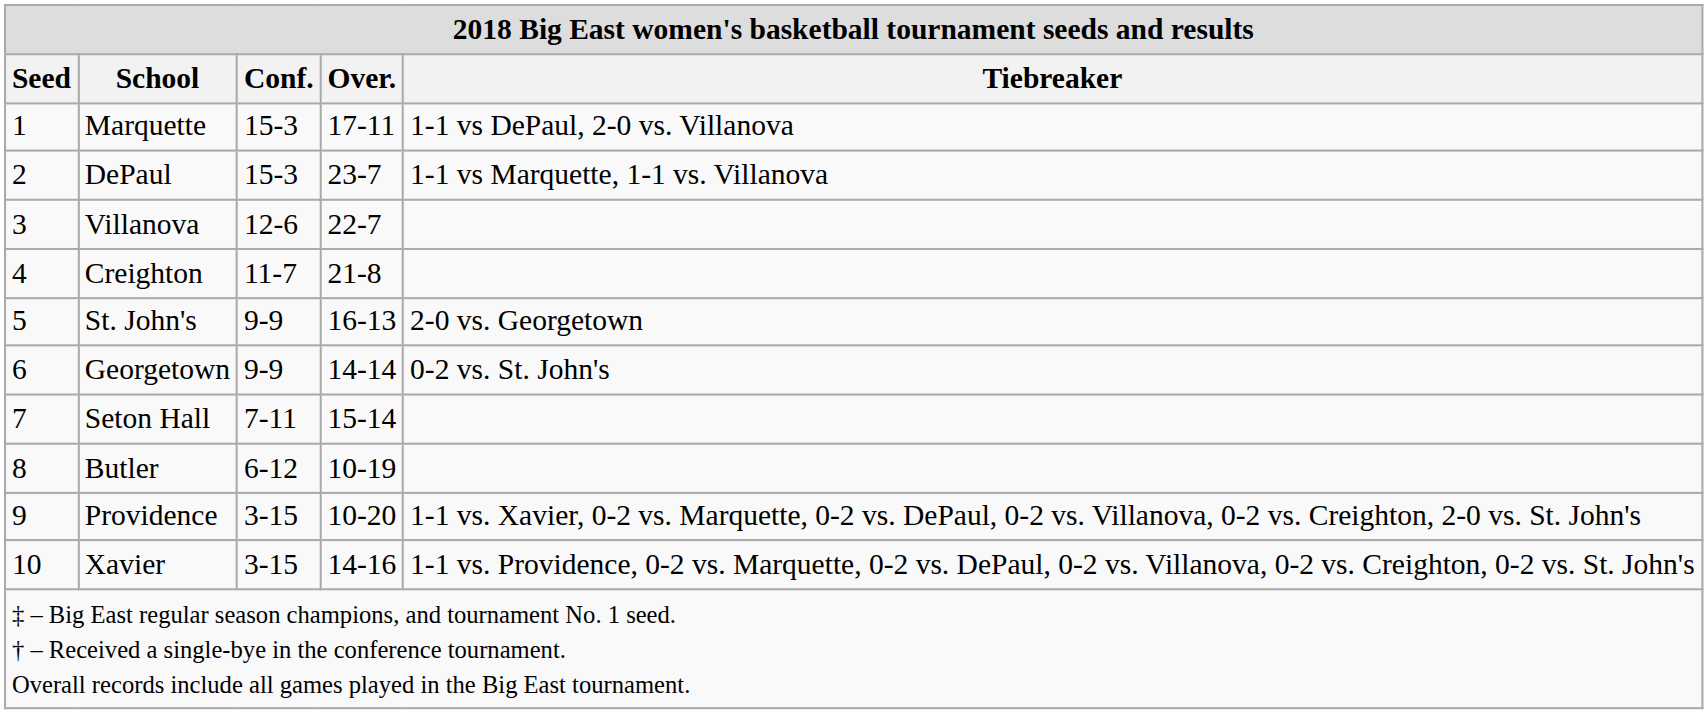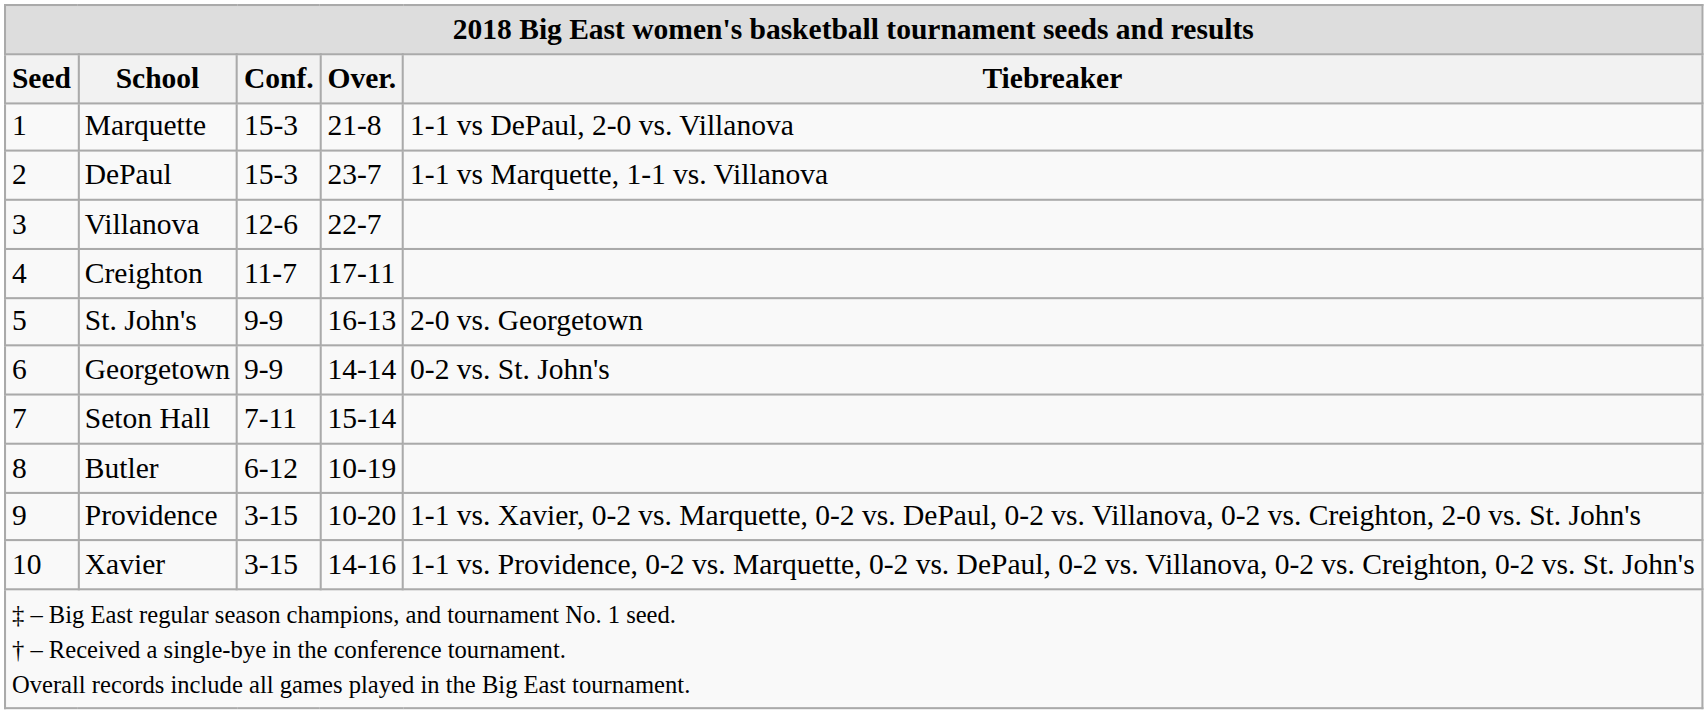 <table class="wikitable" style="white-space:nowrap; font-size:90%;">
 <tr>
 <td colspan="10" style="text-align:center; background:#DDDDDD; font:#000000"><strong>2018 Big East women's basketball tournament seeds and results</strong></td>
 </tr>
 <tr bgcolor="#efefef">
 <th>Seed</th>
 <th>School</th>
 <th>Conf.</th>
 <th>Over.</th>
 <th>Tiebreaker</th>
 </tr>
 <tr>
 <td>1</td>
 <td>Marquette</td>
 <td>15-3</td>
-<td>17-11</td>
+<td>21-8</td>
 <td>1-1 vs DePaul, 2-0 vs. Villanova</td>
 </tr>
 <tr>
 <td>2</td>
 <td>DePaul</td>
 <td>15-3</td>
 <td>23-7</td>
 <td>1-1 vs Marquette, 1-1 vs. Villanova</td>
 </tr>
 <tr>
 <td>3</td>
 <td>Villanova</td>
 <td>12-6</td>
 <td>22-7</td>
 <td></td>
 </tr>
 <tr>
 <td>4</td>
 <td>Creighton</td>
 <td>11-7</td>
-<td>21-8</td>
+<td>17-11</td>
 <td></td>
 </tr>
 <tr>
 <td>5</td>
 <td>St. John's</td>
 <td>9-9</td>
 <td>16-13</td>
 <td>2-0 vs. Georgetown</td>
 </tr>
 <tr>
 <td>6</td>
 <td>Georgetown</td>
 <td>9-9</td>
 <td>14-14</td>
 <td>0-2 vs. St. John's</td>
 </tr>
 <tr>
 <td>7</td>
 <td>Seton Hall</td>
 <td>7-11</td>
 <td>15-14</td>
 <td></td>
 </tr>
 <tr>
 <td>8</td>
 <td>Butler</td>
 <td>6-12</td>
 <td>10-19</td>
 <td></td>
 </tr>
 <tr>
 <td>9</td>
 <td>Providence</td>
 <td>3-15</td>
 <td>10-20</td>
 <td>1-1 vs. Xavier, 0-2 vs. Marquette, 0-2 vs. DePaul, 0-2 vs. Villanova, 0-2 vs. Creighton, 2-0 vs. St. John's</td>
 </tr>
 <tr>
 <td>10</td>
 <td>Xavier</td>
 <td>3-15</td>
 <td>14-16</td>
 <td>1-1 vs. Providence, 0-2 vs. Marquette, 0-2 vs. DePaul, 0-2 vs. Villanova, 0-2 vs. Creighton, 0-2 vs. St. John's</td>
 </tr>
 <tr>
 <td colspan="10" style="text-align:left;"><small>‡ – Big East regular season champions, and tournament No. 1 seed.<br>† – Received a single-bye in the conference tournament.<br>Overall records include all games played in the Big East tournament.</small></td>
 </tr>
 </table>
